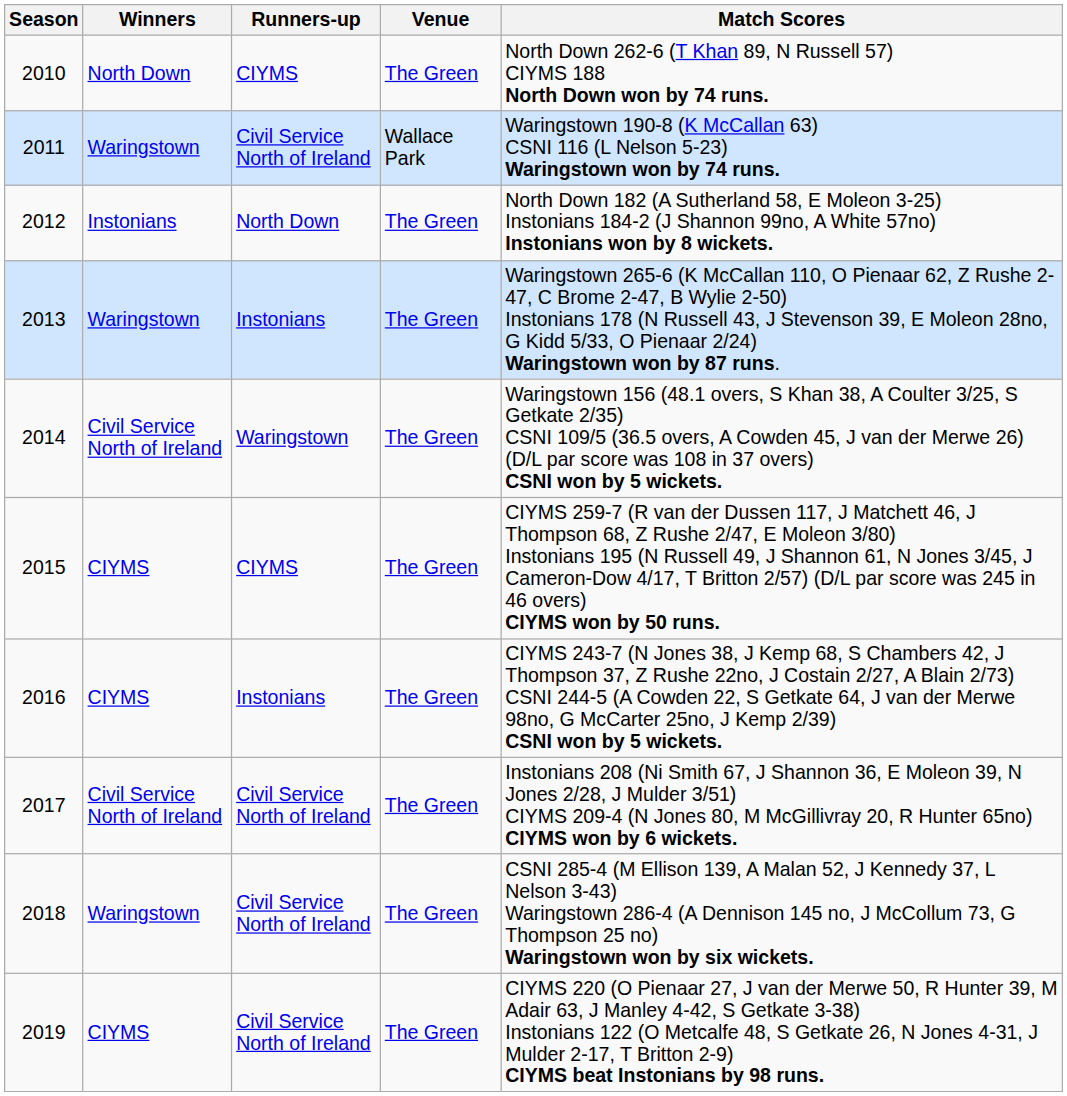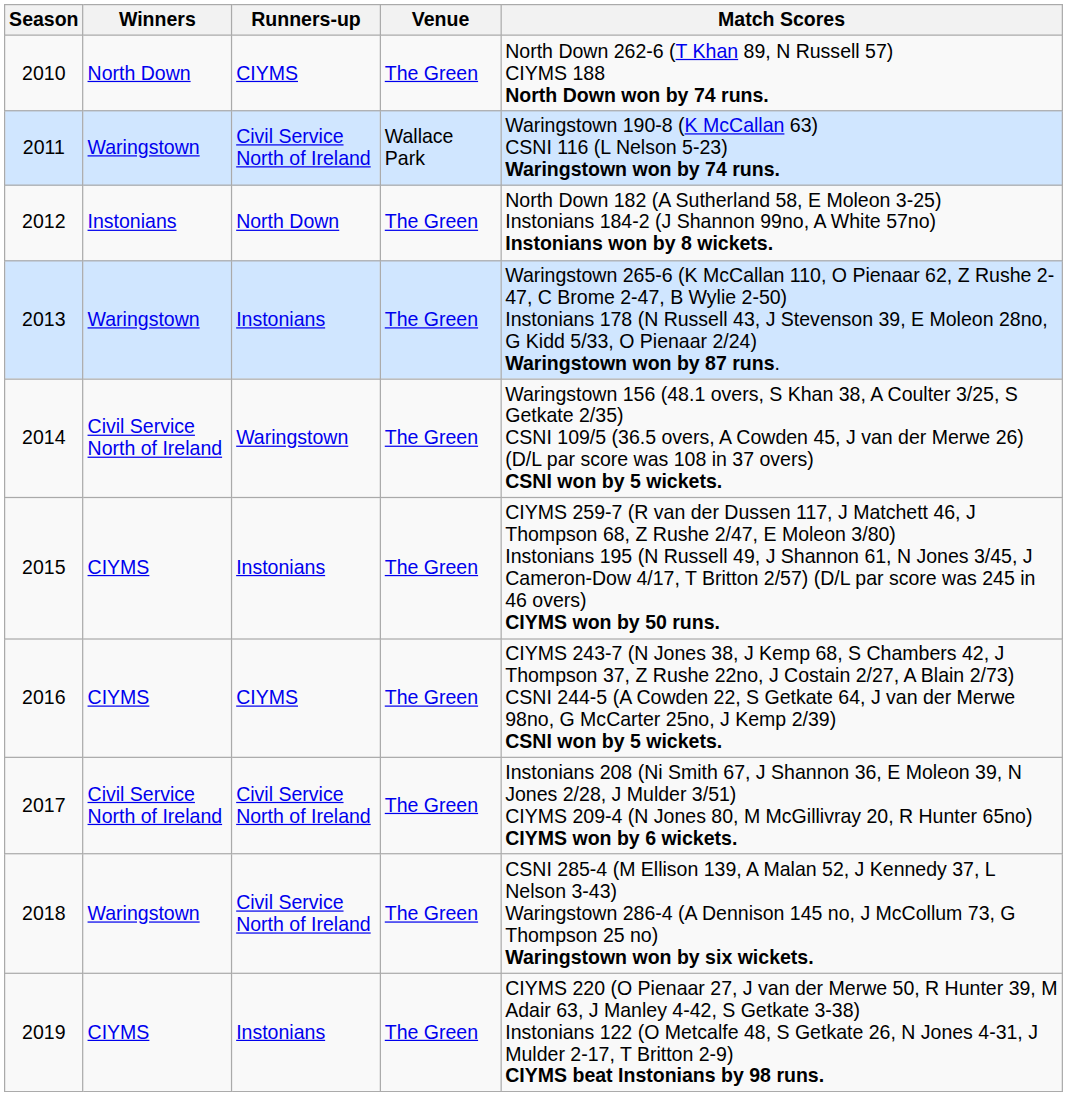 <table class="wikitable">
 <tr>
 <th>Season</th>
 <th width="120">Winners</th>
 <th width="120">Runners-up</th>
 <th width="100">Venue</th>
 <th width="540">Match Scores</th>
 </tr>
 <tr>
 <td align="center">2010</td>
 <td><a href='#'>North Down</a></td>
 <td><a href='#'>CIYMS</a></td>
 <td><a href='#'>The Green</a></td>
 <td>North Down 262-6 (<a href='#'>T Khan</a> 89, N Russell 57)<br>CIYMS 188 <br><strong>North Down won by 74 runs.</strong></td>
 </tr>
 <tr style="background: #D0E6FF;">
 <td align="center">2011</td>
 <td><a href='#'>Waringstown</a></td>
 <td><a href='#'>Civil Service North of Ireland</a></td>
 <td>Wallace Park</td>
 <td>Waringstown 190-8 (<a href='#'>K McCallan</a> 63)<br>CSNI 116 (L Nelson 5-23)<br><strong>Waringstown won by 74 runs.</strong></td>
 </tr>
 <tr>
 <td align="center">2012</td>
 <td><a href='#'>Instonians</a></td>
 <td><a href='#'>North Down</a></td>
 <td><a href='#'>The Green</a></td>
 <td>North Down 182 (A Sutherland 58, E Moleon 3-25)<br>Instonians 184-2 (J Shannon 99no, A White 57no)<br><strong>Instonians won by 8 wickets.</strong></td>
 </tr>
 <tr style="background: #D0E6FF;">
 <td align="center">2013</td>
 <td><a href='#'>Waringstown</a></td>
 <td><a href='#'>Instonians</a></td>
 <td><a href='#'>The Green</a></td>
 <td>Waringstown 265-6 (K McCallan 110, O Pienaar 62, Z Rushe 2-47, C Brome 2-47, B Wylie 2-50)<br>Instonians 178 (N Russell 43, J Stevenson 39, E Moleon 28no, G Kidd 5/33, O Pienaar 2/24)<br><strong>Waringstown won by 87 runs</strong>.</td>
 </tr>
 <tr>
 <td align="center">2014</td>
 <td><a href='#'>Civil Service North of Ireland</a></td>
 <td><a href='#'>Waringstown</a></td>
 <td><a href='#'>The Green</a></td>
 <td>Waringstown 156 (48.1 overs, S Khan 38, A Coulter 3/25, S Getkate 2/35)<br>CSNI 109/5 (36.5 overs, A Cowden 45, J van der Merwe 26) (D/L par score was 108 in 37 overs)<br><strong>CSNI won by 5 wickets.</strong></td>
 </tr>
 <tr>
 <td align="center">2015</td>
 <td><a href='#'>CIYMS</a></td>
-<td><a href='#'>CIYMS</a></td>
+<td><a href='#'>Instonians</a></td>
 <td><a href='#'>The Green</a></td>
 <td>CIYMS 259-7 (R van der Dussen 117, J Matchett 46, J Thompson 68, Z Rushe 2/47, E Moleon 3/80)<br>Instonians 195 (N Russell 49, J Shannon 61, N Jones 3/45, J Cameron-Dow 4/17, T Britton 2/57) (D/L par score was 245 in 46 overs)<br><strong>CIYMS won by 50 runs.</strong></td>
 </tr>
 <tr>
 <td align="center">2016</td>
 <td><a href='#'>CIYMS</a></td>
-<td><a href='#'>Instonians</a></td>
+<td><a href='#'>CIYMS</a></td>
 <td><a href='#'>The Green</a></td>
 <td>CIYMS 243-7 (N Jones 38, J Kemp 68, S Chambers 42, J Thompson 37, Z Rushe 22no, J Costain 2/27, A Blain 2/73)<br>CSNI 244-5 (A Cowden 22, S Getkate 64, J van der Merwe 98no, G McCarter 25no, J Kemp 2/39)<br><strong>CSNI won by 5 wickets.</strong></td>
 </tr>
 <tr>
 <td align="center">2017</td>
 <td><a href='#'>Civil Service North of Ireland</a></td>
 <td><a href='#'>Civil Service North of Ireland</a></td>
 <td><a href='#'>The Green</a></td>
 <td>Instonians 208 (Ni Smith 67, J Shannon 36, E Moleon 39, N Jones 2/28, J Mulder 3/51)<br>CIYMS 209-4 (N Jones 80, M McGillivray 20, R Hunter 65no)<br><strong>CIYMS won by 6 wickets.</strong></td>
 </tr>
 <tr>
 <td align="center">2018</td>
 <td><a href='#'>Waringstown</a></td>
 <td><a href='#'>Civil Service North of Ireland</a></td>
 <td><a href='#'>The Green</a></td>
 <td>CSNI 285-4 (M Ellison 139, A Malan 52, J Kennedy 37, L Nelson 3-43)<br>Waringstown 286-4 (A Dennison 145 no, J McCollum 73, G Thompson 25 no)<br><strong>Waringstown won by six wickets.</strong></td>
 </tr>
 <tr>
 <td align="center">2019</td>
 <td><a href='#'>CIYMS</a></td>
-<td><a href='#'>Civil Service North of Ireland</a></td>
+<td><a href='#'>Instonians</a></td>
 <td><a href='#'>The Green</a></td>
 <td>CIYMS 220 (O Pienaar 27, J van der Merwe 50, R Hunter 39, M Adair 63, J Manley 4-42, S Getkate 3-38)<br>Instonians 122 (O Metcalfe 48, S Getkate 26, N Jones 4-31, J Mulder 2-17, T Britton 2-9) <br><strong>CIYMS beat Instonians by 98 runs.</strong></td>
 </tr>
 </table>
